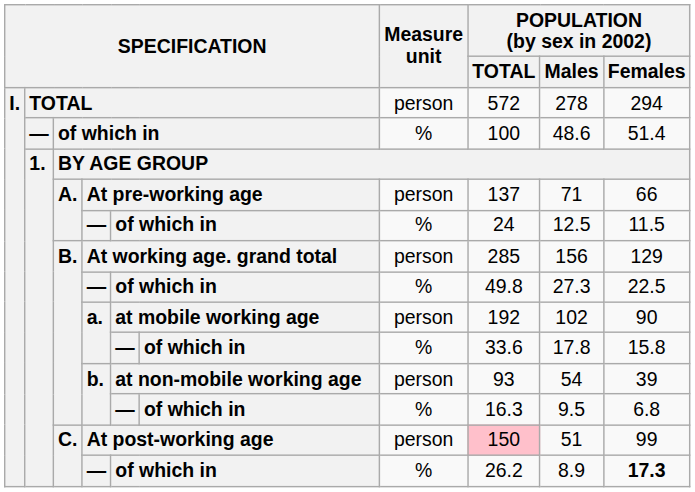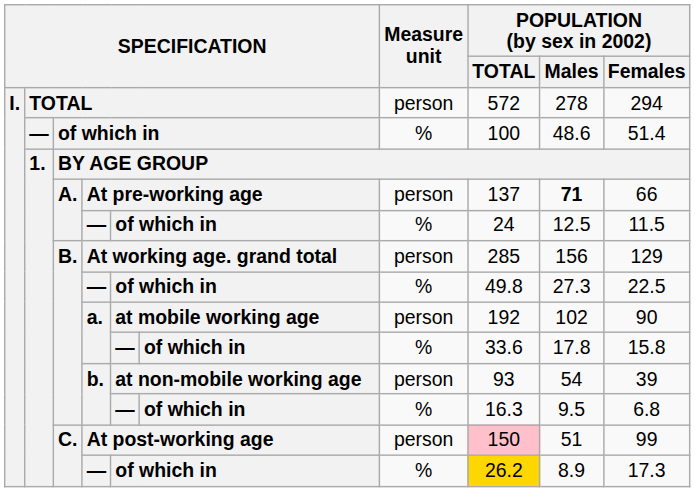 <table class="wikitable" style="font-size:85%; text-align:center">
 <tr>
 <th rowspan="2" colspan="6">SPECIFICATION</th>
 <th rowspan="2">Measure<br> unit</th>
 <th colspan="3" rowspan="1">POPULATION<br> (by sex in 2002)</th>
 </tr>
 <tr>
 <th>TOTAL</th>
 <th>Males</th>
 <th>Females</th>
 </tr>
 <tr>
 <th style="text-align:left" valign="top" rowspan="13">I.</th>
 <th style="text-align:left" colspan="5">TOTAL</th>
 <td>person</td>
 <td>572</td>
 <td>278</td>
 <td>294</td>
 </tr>
 <tr>
 <th style="text-align:left" valign="top">—</th>
 <th style="text-align:left" colspan="4">of which in</th>
 <td>%</td>
 <td>100</td>
 <td>48.6</td>
 <td>51.4</td>
 </tr>
 <tr>
 <th style="text-align:left" valign="top" rowspan="11">1.</th>
 <th style="text-align:left" colspan="19">BY AGE GROUP</th>
 </tr>
 <tr>
 <th style="text-align:left" valign="top" rowspan="2">A.</th>
 <th style="text-align:left" colspan="3">At pre-working age</th>
 <td>person</td>
 <td>137</td>
-<td>71</td>
+<td><strong>71</strong></td>
 <td>66</td>
 </tr>
 <tr>
 <th style="text-align:left" valign="top">—</th>
 <th style="text-align:left" valign="top" colspan="2">of which in</th>
 <td>%</td>
 <td>24</td>
 <td>12.5</td>
 <td>11.5</td>
 </tr>
 <tr>
 <th style="text-align:left" valign="top" rowspan="6">B.</th>
 <th style="text-align:left" colspan="3">At working age. grand total</th>
 <td>person</td>
 <td>285</td>
 <td>156</td>
 <td>129</td>
 </tr>
 <tr>
 <th style="text-align:left" valign="top">—</th>
 <th style="text-align:left" valign="top" colspan="2">of which in</th>
 <td>%</td>
 <td>49.8</td>
 <td>27.3</td>
 <td>22.5</td>
 </tr>
 <tr>
 <th style="text-align:left" valign="top" rowspan="2">a.</th>
 <th style="text-align:left" colspan="2">at mobile working age</th>
 <td>person</td>
 <td>192</td>
 <td>102</td>
 <td>90</td>
 </tr>
 <tr>
 <th style="text-align:left" valign="top">—</th>
 <th style="text-align:left" valign="top" colspan="1">of which in                        </th>
 <td>%</td>
 <td>33.6</td>
 <td>17.8</td>
 <td>15.8</td>
 </tr>
 <tr>
 <th style="text-align:left" valign="top" rowspan="2">b.</th>
 <th style="text-align:left" colspan="2">at non-mobile working age</th>
 <td>person</td>
 <td>93</td>
 <td>54</td>
 <td>39</td>
 </tr>
 <tr>
 <th style="text-align:left" valign="top">—</th>
 <th style="text-align:left" valign="top" colspan="1">of which in                        </th>
 <td>%</td>
 <td>16.3</td>
 <td>9.5</td>
 <td>6.8</td>
 </tr>
 <tr>
 <th style="text-align:left" valign="top" rowspan="2">C.</th>
 <th style="text-align:left" colspan="3">At post-working age</th>
 <td>person</td>
 <td style="background: pink;">150</td>
 <td>51</td>
 <td>99</td>
 </tr>
 <tr>
 <th style="text-align:left" valign="top">—</th>
 <th style="text-align:left" valign="top" colspan="2">of which in</th>
 <td>%</td>
-<td>26.2</td>
+<td style="background: gold;">26.2</td>
 <td>8.9</td>
-<td><strong>17.3</strong></td>
+<td>17.3</td>
 </tr>
 </table>
